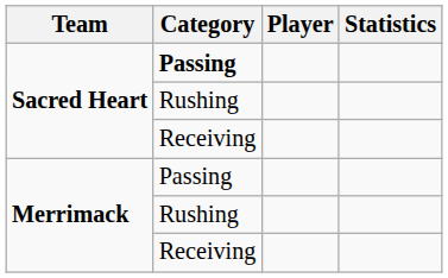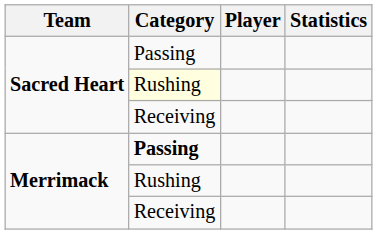 <table class="wikitable" style="float: right;">
 <tr>
 <th>Team</th>
 <th>Category</th>
 <th>Player</th>
 <th>Statistics</th>
 </tr>
 <tr>
 <td rowspan=3><strong>Sacred Heart</strong></td>
+<td>Passing</td>
+<td></td>
+<td></td>
+</tr>
+<tr>
+<td style="background: lightyellow;">Rushing</td>
+<td></td>
+<td></td>
+</tr>
+<tr>
+<td>Receiving</td>
+<td></td>
+<td></td>
+</tr>
+<tr>
+<td rowspan=3><strong>Merrimack</strong></td>
 <td><strong>Passing</strong></td>
 <td></td>
 <td></td>
 </tr>
 <tr>
 <td>Rushing</td>
 <td></td>
 <td></td>
 </tr>
 <tr>
 <td>Receiving</td>
 <td></td>
 <td></td>
 </tr>
-<tr>
-<td rowspan=3><strong>Merrimack</strong></td>
-<td>Passing</td>
-<td></td>
-<td></td>
-</tr>
-<tr>
-<td>Rushing</td>
-<td></td>
-<td></td>
-</tr>
-<tr>
-<td>Receiving</td>
-<td></td>
-<td></td>
-</tr>
 </table>
